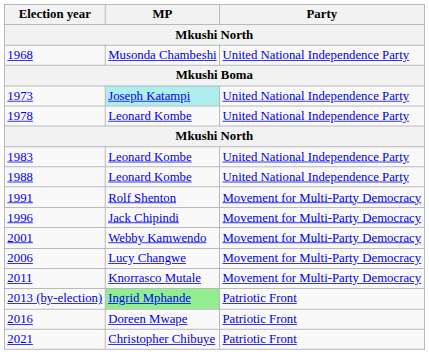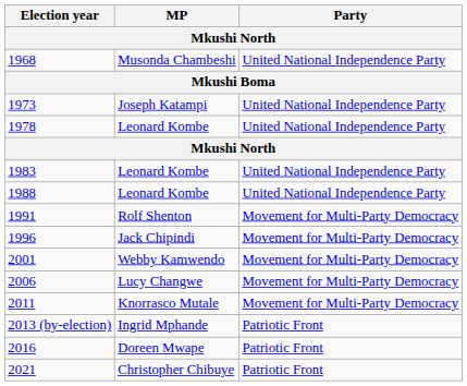 <table class=wikitable>
 <tr>
 <th>Election year</th>
 <th>MP</th>
 <th>Party</th>
 </tr>
 <tr>
 <th colspan=3>Mkushi North</th>
 </tr>
 <tr>
 <td><a href='#'>1968</a></td>
 <td><a href='#'>Musonda Chambeshi</a></td>
 <td><a href='#'>United National Independence Party</a></td>
 </tr>
 <tr>
 <th colspan=3>Mkushi Boma</th>
 </tr>
 <tr>
 <td><a href='#'>1973</a></td>
-<td style="background: paleturquoise;"><a href='#'>Joseph Katampi</a></td>
+<td><a href='#'>Joseph Katampi</a></td>
 <td><a href='#'>United National Independence Party</a></td>
 </tr>
 <tr>
 <td><a href='#'>1978</a></td>
 <td><a href='#'>Leonard Kombe</a></td>
 <td><a href='#'>United National Independence Party</a></td>
 </tr>
 <tr>
 <th colspan=3>Mkushi North</th>
 </tr>
 <tr>
 <td><a href='#'>1983</a></td>
 <td><a href='#'>Leonard Kombe</a></td>
 <td><a href='#'>United National Independence Party</a></td>
 </tr>
 <tr>
 <td><a href='#'>1988</a></td>
 <td><a href='#'>Leonard Kombe</a></td>
 <td><a href='#'>United National Independence Party</a></td>
 </tr>
 <tr>
 <td><a href='#'>1991</a></td>
 <td><a href='#'>Rolf Shenton</a></td>
 <td><a href='#'>Movement for Multi-Party Democracy</a></td>
 </tr>
 <tr>
 <td><a href='#'>1996</a></td>
 <td><a href='#'>Jack Chipindi</a></td>
 <td><a href='#'>Movement for Multi-Party Democracy</a></td>
 </tr>
 <tr>
 <td><a href='#'>2001</a></td>
 <td><a href='#'>Webby Kamwendo</a></td>
 <td><a href='#'>Movement for Multi-Party Democracy</a></td>
 </tr>
 <tr>
 <td><a href='#'>2006</a></td>
 <td><a href='#'>Lucy Changwe</a></td>
 <td><a href='#'>Movement for Multi-Party Democracy</a></td>
 </tr>
 <tr>
 <td><a href='#'>2011</a></td>
 <td><a href='#'>Knorrasco Mutale</a></td>
 <td><a href='#'>Movement for Multi-Party Democracy</a></td>
 </tr>
 <tr>
 <td><a href='#'>2013 (by-election)</a></td>
-<td style="background: lightgreen;"><a href='#'>Ingrid Mphande</a></td>
+<td><a href='#'>Ingrid Mphande</a></td>
 <td><a href='#'>Patriotic Front</a></td>
 </tr>
 <tr>
 <td><a href='#'>2016</a></td>
 <td><a href='#'>Doreen Mwape</a></td>
 <td><a href='#'>Patriotic Front</a></td>
 </tr>
 <tr>
 <td><a href='#'>2021</a></td>
 <td><a href='#'>Christopher Chibuye</a></td>
 <td><a href='#'>Patriotic Front</a></td>
 </tr>
 </table>
